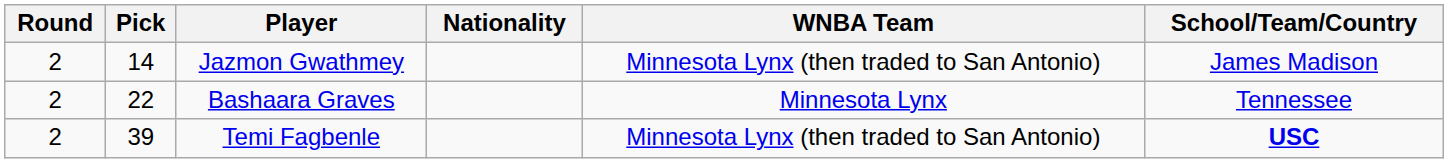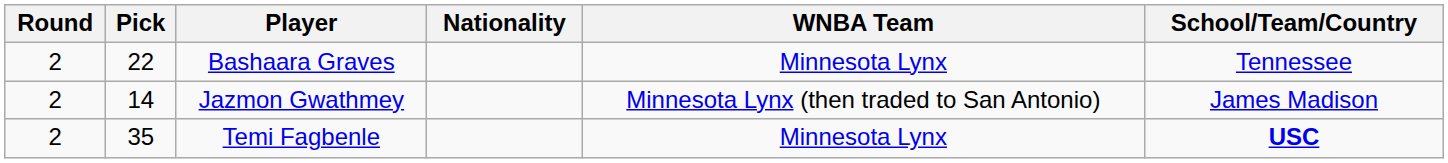 <table class="wikitable" style="width:60em; text-align: center">
 <tr>
 <th>Round</th>
 <th>Pick</th>
 <th>Player</th>
 <th>Nationality</th>
 <th>WNBA Team</th>
 <th>School/Team/Country</th>
 </tr>
 <tr>
 <td>2</td>
+<td>22</td>
+<td><a href='#'>Bashaara Graves</a></td>
+<td></td>
+<td><a href='#'>Minnesota Lynx</a></td>
+<td><a href='#'>Tennessee</a></td>
+</tr>
+<tr>
+<td>2</td>
 <td>14</td>
 <td><a href='#'>Jazmon Gwathmey</a></td>
 <td></td>
 <td><a href='#'>Minnesota Lynx</a> (then traded to San Antonio)</td>
 <td><a href='#'>James Madison</a></td>
 </tr>
 <tr>
 <td>2</td>
-<td>22</td>
-<td><a href='#'>Bashaara Graves</a></td>
+<td>35</td>
+<td><a href='#'>Temi Fagbenle</a></td>
 <td></td>
 <td><a href='#'>Minnesota Lynx</a></td>
-<td><a href='#'>Tennessee</a></td>
-</tr>
-<tr>
-<td>2</td>
-<td>39</td>
-<td><a href='#'>Temi Fagbenle</a></td>
-<td></td>
-<td><a href='#'>Minnesota Lynx</a> (then traded to San Antonio)</td>
 <td><strong><a href='#'>USC</a></strong></td>
 </tr>
 </table>
